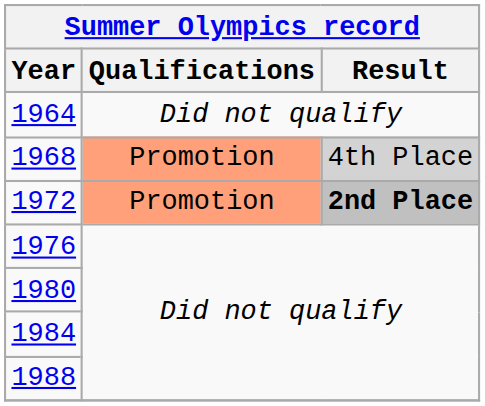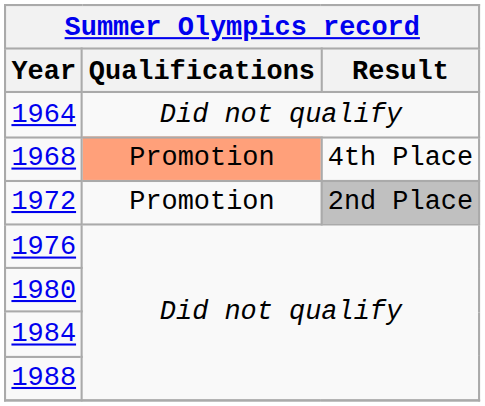 <table class="wikitable" style="text-align: center;">
 <tr>
 <th colspan=9><a href='#'>Summer Olympics record</a></th>
 </tr>
 <tr>
 <th>Year</th>
 <th>Qualifications</th>
 <th>Result</th>
 </tr>
 <tr>
 <td> <a href='#'>1964</a></td>
 <td colspan="2"><em>Did not qualify</em></td>
 </tr>
 <tr>
 <td> <a href='#'>1968</a></td>
 <td style="background: lightsalmon;">Promotion</td>
-<td style="background: lightgrey;">4th Place</td>
+<td>4th Place</td>
 </tr>
 <tr>
 <td> <a href='#'>1972</a></td>
-<td style="background: lightsalmon;">Promotion</td>
-<td bgcolor=C0C0C0><strong>2nd Place</strong></td>
+<td>Promotion</td>
+<td bgcolor=C0C0C0>2nd Place</td>
 </tr>
 <tr>
 <td> <a href='#'>1976</a></td>
 <td colspan="2" rowspan=4><em>Did not qualify</em></td>
 </tr>
 <tr>
 <td> <a href='#'>1980</a></td>
 </tr>
 <tr>
 <td> <a href='#'>1984</a></td>
 </tr>
 <tr>
 <td> <a href='#'>1988</a></td>
 </tr>
 <tr>
 </tr>
 </table>
